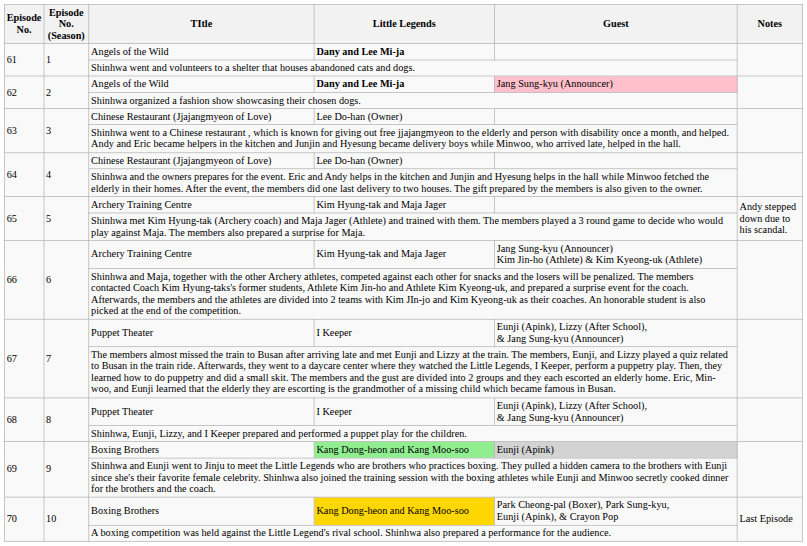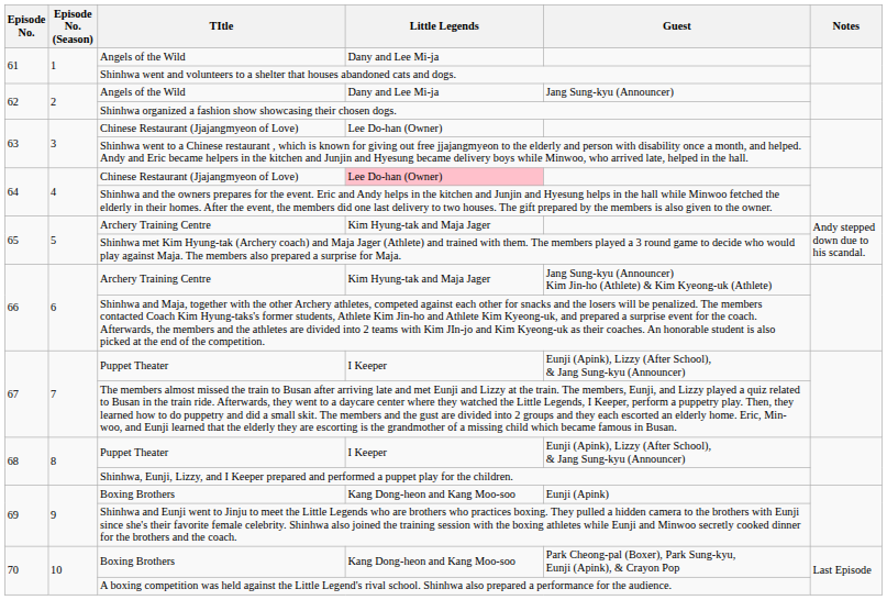 <table class="wikitable">
 <tr>
 <th>Episode<br>No.</th>
 <th>Episode No.<br>(Season)</th>
 <th>TItle</th>
 <th>Little Legends</th>
 <th>Guest</th>
 <th>Notes</th>
 </tr>
 <tr>
 <td rowspan="2">61</td>
 <td rowspan="2">1</td>
 <td>Angels of the Wild</td>
-<td><strong>Dany and Lee Mi-ja</strong></td>
+<td>Dany and Lee Mi-ja</td>
 <td></td>
 <td rowspan="2"></td>
 </tr>
 <tr>
 <td colspan="3">Shinhwa went and volunteers to a shelter that houses abandoned cats and dogs.</td>
 </tr>
 <tr>
 <td rowspan="2">62</td>
 <td rowspan="2">2</td>
 <td>Angels of the Wild</td>
-<td><strong>Dany and Lee Mi-ja</strong></td>
-<td style="background: pink;">Jang Sung-kyu (Announcer)</td>
+<td>Dany and Lee Mi-ja</td>
+<td>Jang Sung-kyu (Announcer)</td>
 <td rowspan="2"></td>
 </tr>
 <tr>
 <td colspan="3">Shinhwa organized a fashion show showcasing their chosen dogs.</td>
 </tr>
 <tr>
 <td rowspan="2">63</td>
 <td rowspan="2">3</td>
 <td>Chinese Restaurant (Jjajangmyeon of Love)</td>
 <td>Lee Do-han (Owner)</td>
 <td></td>
 <td rowspan="2"></td>
 </tr>
 <tr>
 <td colspan="3">Shinhwa went to a Chinese restaurant , which is known for giving out free jjajangmyeon to the elderly and person with disability once a month, and helped.  Andy and Eric became helpers in the kitchen and Junjin and Hyesung became delivery boys while Minwoo, who arrived late, helped in the hall.</td>
 </tr>
 <tr>
 <td rowspan="2">64</td>
 <td rowspan="2">4</td>
 <td>Chinese Restaurant (Jjajangmyeon of Love)</td>
-<td>Lee Do-han (Owner)</td>
+<td style="background: pink;">Lee Do-han (Owner)</td>
 <td></td>
 <td rowspan="2"></td>
 </tr>
 <tr>
 <td colspan="3">Shinhwa and the owners prepares for the event. Eric and Andy helps in the kitchen and Junjin and Hyesung helps in the hall while Minwoo fetched the elderly in their homes. After the event, the members did one last delivery to two houses. The gift prepared by the members is also given to the owner.</td>
 </tr>
 <tr>
 <td rowspan="2">65</td>
 <td rowspan="2">5</td>
 <td>Archery Training Centre</td>
 <td>Kim Hyung-tak and Maja Jager</td>
 <td></td>
 <td rowspan="2">Andy stepped down due to his scandal.</td>
 </tr>
 <tr>
 <td colspan="3">Shinhwa met Kim Hyung-tak (Archery coach) and Maja Jager (Athlete) and trained with them. The members played a 3 round game to decide who would play against Maja. The members also prepared a surprise for Maja.</td>
 </tr>
 <tr>
 <td rowspan="2">66</td>
 <td rowspan="2">6</td>
 <td>Archery Training Centre</td>
 <td>Kim Hyung-tak and Maja Jager</td>
 <td>Jang Sung-kyu (Announcer)<br>Kim Jin-ho (Athlete) & Kim Kyeong-uk (Athlete)</td>
 <td rowspan="2"></td>
 </tr>
 <tr>
 <td colspan="3">Shinhwa and Maja, together with the other Archery athletes, competed against each other for snacks and the losers will be penalized. The members contacted Coach Kim Hyung-taks's former students, Athlete Kim Jin-ho and Athlete Kim Kyeong-uk, and prepared a surprise event for the coach. Afterwards, the members and the athletes are divided into 2 teams with Kim JIn-jo and Kim Kyeong-uk as their coaches. An honorable student is also picked at the end of the competition.</td>
 </tr>
 <tr>
 <td rowspan="2">67</td>
 <td rowspan="2">7</td>
 <td>Puppet Theater</td>
 <td>I Keeper</td>
 <td>Eunji (Apink), Lizzy (After School),<br>& Jang Sung-kyu (Announcer)</td>
 <td rowspan="2"></td>
 </tr>
 <tr>
 <td colspan="3">The members almost missed the train to Busan after arriving late and met Eunji and Lizzy at the train. The members, Eunji, and Lizzy played a quiz related to Busan in the train ride. Afterwards, they went to a daycare center where they watched the Little Legends, I Keeper, perform a puppetry play. Then, they learned how to do puppetry and did a small skit. The members and the gust are divided into 2 groups and they each escorted an elderly home. Eric, Min-woo, and Eunji learned that the elderly they are escorting is the grandmother of a missing child which became famous in Busan.</td>
 </tr>
 <tr>
 <td rowspan="2">68</td>
 <td rowspan="2">8</td>
 <td>Puppet Theater</td>
 <td>I Keeper</td>
 <td>Eunji (Apink), Lizzy (After School),<br>& Jang Sung-kyu (Announcer)</td>
 <td rowspan="2"></td>
 </tr>
 <tr>
 <td colspan="3">Shinhwa, Eunji, Lizzy, and I Keeper prepared and performed a puppet play for the children.</td>
 </tr>
 <tr>
 <td rowspan="2">69</td>
 <td rowspan="2">9</td>
 <td>Boxing Brothers</td>
-<td style="background: lightgreen;">Kang Dong-heon and Kang Moo-soo</td>
-<td style="background: lightgrey;">Eunji (Apink)</td>
+<td>Kang Dong-heon and Kang Moo-soo</td>
+<td>Eunji (Apink)</td>
 <td rowspan="2"></td>
 </tr>
 <tr>
 <td colspan="3">Shinhwa and Eunji went to Jinju to meet the Little Legends who are brothers who practices boxing. They pulled a hidden camera to the brothers with Eunji since she's their favorite female celebrity. Shinhwa also joined the training session with the boxing athletes while Eunji and Minwoo secretly cooked dinner for the brothers and the coach.</td>
 </tr>
 <tr>
 <td rowspan="2">70</td>
 <td rowspan="2">10</td>
 <td>Boxing Brothers</td>
-<td style="background: gold;">Kang Dong-heon and Kang Moo-soo</td>
+<td>Kang Dong-heon and Kang Moo-soo</td>
 <td>Park Cheong-pal (Boxer), Park Sung-kyu,<br>Eunji (Apink), & Crayon Pop</td>
 <td rowspan="2">Last Episode</td>
 </tr>
 <tr>
 <td colspan="3">A boxing competition was held against the Little Legend's rival school. Shinhwa also prepared a performance for the audience.</td>
 </tr>
 </table>
